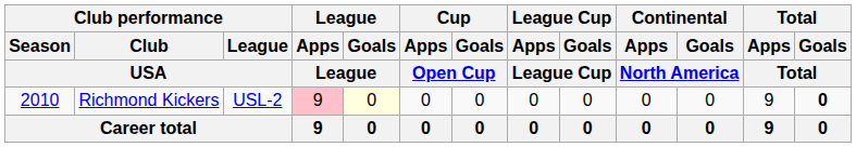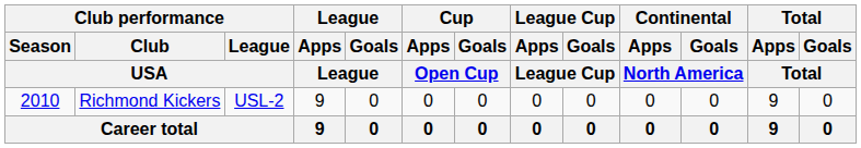 <table class="wikitable" style="text-align:center">
 <tr>
 <th colspan=3>Club performance</th>
 <th colspan=2>League</th>
 <th colspan=2>Cup</th>
 <th colspan=2>League Cup</th>
 <th colspan=2>Continental</th>
 <th colspan=2>Total</th>
 </tr>
 <tr>
 <th>Season</th>
 <th>Club</th>
 <th>League</th>
 <th>Apps</th>
 <th>Goals</th>
 <th>Apps</th>
 <th>Goals</th>
 <th>Apps</th>
 <th>Goals</th>
 <th>Apps</th>
 <th>Goals</th>
 <th>Apps</th>
 <th>Goals</th>
 </tr>
 <tr>
 </tr>
 <tr>
 <th colspan=3>USA</th>
 <th colspan=2>League</th>
 <th colspan=2><a href='#'>Open Cup</a></th>
 <th colspan=2>League Cup</th>
 <th colspan=2><a href='#'>North America</a></th>
 <th colspan=2>Total</th>
 </tr>
 <tr>
 <td><a href='#'>2010</a></td>
 <td><a href='#'>Richmond Kickers</a></td>
 <td><a href='#'>USL-2</a></td>
-<td style="background: pink;">9</td>
-<td style="background: lightyellow;">0</td>
+<td>9</td>
+<td>0</td>
 <td>0</td>
 <td>0</td>
 <td>0</td>
 <td>0</td>
 <td>0</td>
 <td>0</td>
 <td>9</td>
-<td><strong>0</strong></td>
+<td>0</td>
 </tr>
 <tr>
 </tr>
 <tr>
 <th colspan=3>Career total</th>
 <th>9</th>
 <th>0</th>
 <th>0</th>
 <th>0</th>
 <th>0</th>
 <th>0</th>
 <th>0</th>
 <th>0</th>
 <th>9</th>
 <th>0</th>
 </tr>
 </table>
